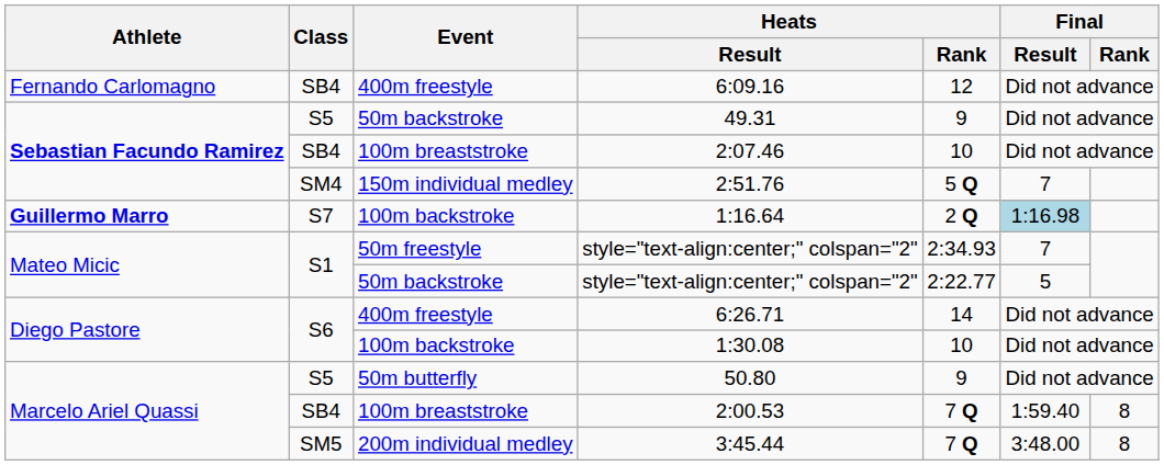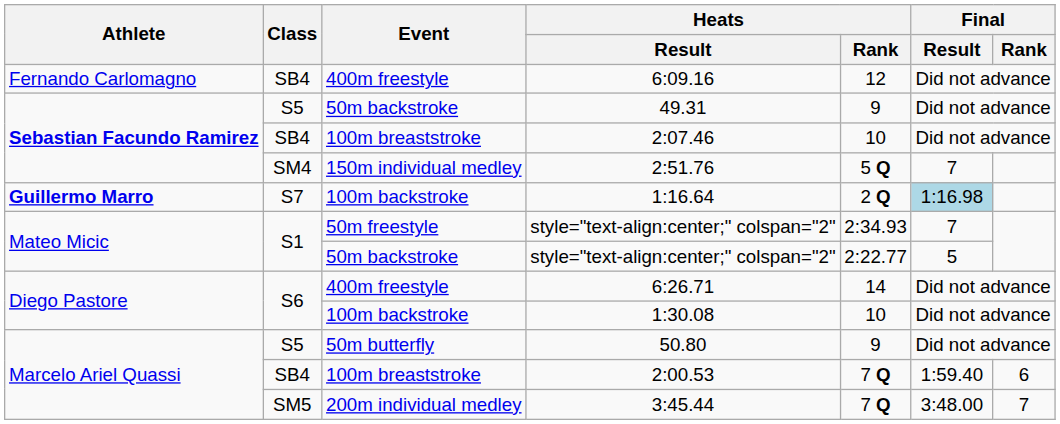 <table class=wikitable style="font-size:90%">
 <tr>
 <th rowspan="2">Athlete</th>
 <th rowspan="2">Class</th>
 <th rowspan="2">Event</th>
 <th colspan="2">Heats</th>
 <th colspan="2">Final</th>
 </tr>
 <tr>
 <th>Result</th>
 <th>Rank</th>
 <th>Result</th>
 <th>Rank</th>
 </tr>
 <tr>
 <td><a href='#'>Fernando Carlomagno</a></td>
 <td style="text-align:center;">SB4</td>
 <td><a href='#'>400m freestyle</a></td>
 <td style="text-align:center;">6:09.16</td>
 <td style="text-align:center;">12</td>
 <td style="text-align:center;" colspan="2">Did not advance</td>
 </tr>
 <tr>
 <td rowspan="3"><strong><a href='#'>Sebastian Facundo Ramirez</a></strong></td>
 <td style="text-align:center;">S5</td>
 <td><a href='#'>50m backstroke</a></td>
 <td style="text-align:center;">49.31</td>
 <td style="text-align:center;">9</td>
 <td style="text-align:center;" colspan="2">Did not advance</td>
 </tr>
 <tr>
 <td style="text-align:center;">SB4</td>
 <td><a href='#'>100m breaststroke</a></td>
 <td style="text-align:center;">2:07.46</td>
 <td style="text-align:center;">10</td>
 <td style="text-align:center;" colspan="2">Did not advance</td>
 </tr>
 <tr>
 <td style="text-align:center;">SM4</td>
 <td><a href='#'>150m individual medley</a></td>
 <td style="text-align:center;">2:51.76</td>
 <td style="text-align:center;">5 <strong>Q</strong></td>
 <td style="text-align:center;">7</td>
 <td style="text-align:center;"></td>
 </tr>
 <tr>
 <td><strong><a href='#'>Guillermo Marro</a></strong></td>
 <td style="text-align:center;">S7</td>
 <td><a href='#'>100m backstroke</a></td>
 <td style="text-align:center;">1:16.64</td>
 <td style="text-align:center;">2 <strong>Q</strong></td>
 <td style="background: lightblue; text-align:center;">1:16.98</td>
 <td style="text-align:center;"></td>
 </tr>
 <tr>
 <td rowspan="2"><a href='#'>Mateo Micic</a></td>
 <td rowspan="2" style="text-align:center;">S1</td>
 <td><a href='#'>50m freestyle</a></td>
 <td>style="text-align:center;" colspan="2" </td>
 <td style="text-align:center;">2:34.93</td>
 <td style="text-align:center;">7</td>
 </tr>
 <tr>
 <td><a href='#'>50m backstroke</a></td>
 <td>style="text-align:center;" colspan="2" </td>
 <td style="text-align:center;">2:22.77</td>
 <td style="text-align:center;">5</td>
 </tr>
 <tr>
 <td rowspan="2"><a href='#'>Diego Pastore</a></td>
 <td rowspan="2" style="text-align:center;">S6</td>
 <td><a href='#'>400m freestyle</a></td>
 <td style="text-align:center;">6:26.71</td>
 <td style="text-align:center;">14</td>
 <td style="text-align:center;" colspan="2">Did not advance</td>
 </tr>
 <tr>
 <td><a href='#'>100m backstroke</a></td>
 <td style="text-align:center;">1:30.08</td>
 <td style="text-align:center;">10</td>
 <td style="text-align:center;" colspan="2">Did not advance</td>
 </tr>
 <tr>
 <td rowspan="3"><a href='#'>Marcelo Ariel Quassi</a></td>
 <td style="text-align:center;">S5</td>
 <td><a href='#'>50m butterfly</a></td>
 <td style="text-align:center;">50.80</td>
 <td style="text-align:center;">9</td>
 <td style="text-align:center;" colspan="2">Did not advance</td>
 </tr>
 <tr>
 <td style="text-align:center;">SB4</td>
 <td><a href='#'>100m breaststroke</a></td>
 <td style="text-align:center;">2:00.53</td>
 <td style="text-align:center;">7 <strong>Q</strong></td>
 <td style="text-align:center;">1:59.40</td>
-<td style="text-align:center;">8</td>
+<td style="text-align:center;">6</td>
 </tr>
 <tr>
 <td style="text-align:center;">SM5</td>
 <td><a href='#'>200m individual medley</a></td>
 <td style="text-align:center;">3:45.44</td>
 <td style="text-align:center;">7 <strong>Q</strong></td>
 <td style="text-align:center;">3:48.00</td>
-<td style="text-align:center;">8</td>
+<td style="text-align:center;">7</td>
 </tr>
 </table>
